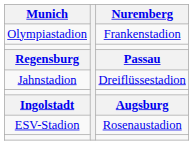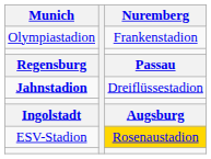 <table class="wikitable" style="text-align:center">
 <tr>
 <th><a href='#'>Munich</a></th>
 <th rowspan=9 colspan=2></th>
 <th><a href='#'>Nuremberg</a></th>
 </tr>
 <tr>
 <td><a href='#'>Olympiastadion</a></td>
 <td><a href='#'>Frankenstadion</a></td>
 </tr>
 <tr>
 <td></td>
 <td></td>
 </tr>
 <tr>
 <th><a href='#'>Regensburg</a></th>
 <th><a href='#'>Passau</a></th>
 </tr>
 <tr>
-<td><a href='#'>Jahnstadion</a></td>
+<td><strong><a href='#'>Jahnstadion</a></strong></td>
 <td><a href='#'>Dreiflüssestadion</a></td>
 </tr>
 <tr>
 <td></td>
 <td></td>
 </tr>
 <tr>
 <th><a href='#'>Ingolstadt</a></th>
 <th><a href='#'>Augsburg</a></th>
 </tr>
 <tr>
 <td><a href='#'>ESV-Stadion</a></td>
-<td><a href='#'>Rosenaustadion</a></td>
+<td style="background: gold;"><a href='#'>Rosenaustadion</a></td>
 </tr>
 <tr>
 <td></td>
 <td></td>
 </tr>
 </table>
